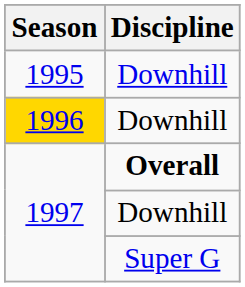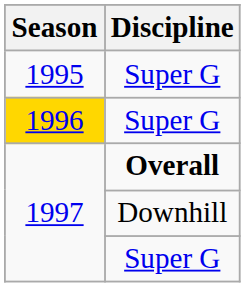 <table class="wikitable" style="text-align:center">
 <tr>
 <th>Season</th>
 <th>Discipline</th>
 </tr>
 <tr>
 <td><a href='#'>1995</a></td>
-<td><a href='#'>Downhill</a></td>
+<td><a href='#'>Super G</a></td>
 </tr>
 <tr>
 <td style="background: gold;"><a href='#'>1996</a></td>
-<td>Downhill</td>
+<td><a href='#'>Super G</a></td>
 </tr>
 <tr>
 <td rowspan=3><a href='#'>1997</a></td>
 <td><strong>Overall</strong></td>
 </tr>
 <tr>
 <td>Downhill</td>
 </tr>
 <tr>
 <td><a href='#'>Super G</a></td>
 </tr>
 </table>
